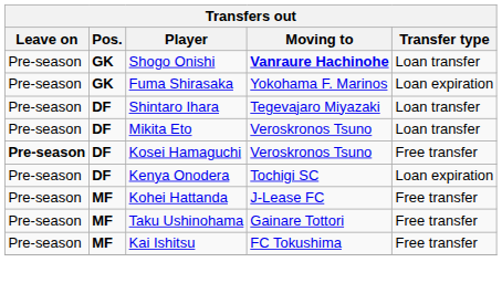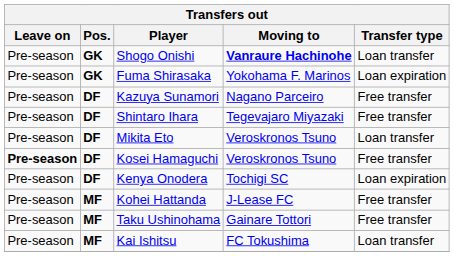 <table class="wikitable sortable" style=“text-align:left;>
 <tr>
 <th colspan="5">Transfers out</th>
 </tr>
 <tr>
 <th>Leave on</th>
 <th>Pos.</th>
 <th>Player</th>
 <th>Moving to</th>
 <th>Transfer type</th>
 </tr>
 <tr>
 <td>Pre-season</td>
 <td><strong>GK</strong></td>
 <td> <a href='#'>Shogo Onishi</a></td>
 <td><strong> <a href='#'>Vanraure Hachinohe</a></strong></td>
 <td>Loan transfer</td>
 </tr>
 <tr>
 <td>Pre-season</td>
 <td><strong>GK</strong></td>
 <td> <a href='#'>Fuma Shirasaka</a></td>
 <td> <a href='#'>Yokohama F. Marinos</a></td>
 <td>Loan expiration</td>
 </tr>
 <tr>
 <td>Pre-season</td>
 <td><strong>DF</strong></td>
+<td> <a href='#'>Kazuya Sunamori</a></td>
+<td> <a href='#'>Nagano Parceiro</a></td>
+<td>Free transfer</td>
+</tr>
+<tr>
+<td>Pre-season</td>
+<td><strong>DF</strong></td>
 <td> <a href='#'>Shintaro Ihara</a></td>
 <td> <a href='#'>Tegevajaro Miyazaki</a></td>
-<td>Loan transfer</td>
+<td>Free transfer</td>
 </tr>
 <tr>
 <td>Pre-season</td>
 <td><strong>DF</strong></td>
 <td> <a href='#'>Mikita Eto</a></td>
 <td> <a href='#'>Veroskronos Tsuno</a></td>
 <td>Loan transfer</td>
 </tr>
 <tr>
 <td><strong>Pre-season</strong></td>
 <td><strong>DF</strong></td>
 <td> <a href='#'>Kosei Hamaguchi</a></td>
 <td> <a href='#'>Veroskronos Tsuno</a></td>
 <td>Free transfer</td>
 </tr>
 <tr>
 <td>Pre-season</td>
 <td><strong>DF</strong></td>
 <td> <a href='#'>Kenya Onodera</a></td>
 <td> <a href='#'>Tochigi SC</a></td>
 <td>Loan expiration</td>
 </tr>
 <tr>
 <td>Pre-season</td>
 <td><strong>MF</strong></td>
 <td> <a href='#'>Kohei Hattanda</a></td>
 <td> <a href='#'>J-Lease FC</a></td>
 <td>Free transfer</td>
 </tr>
 <tr>
 <td>Pre-season</td>
 <td><strong>MF</strong></td>
 <td> <a href='#'>Taku Ushinohama</a></td>
 <td> <a href='#'>Gainare Tottori</a></td>
 <td>Free transfer</td>
 </tr>
 <tr>
 <td>Pre-season</td>
 <td><strong>MF</strong></td>
 <td> <a href='#'>Kai Ishitsu</a></td>
 <td> <a href='#'>FC Tokushima</a></td>
-<td>Free transfer</td>
+<td>Loan transfer</td>
 </tr>
 <tr>
 </tr>
 </table>
